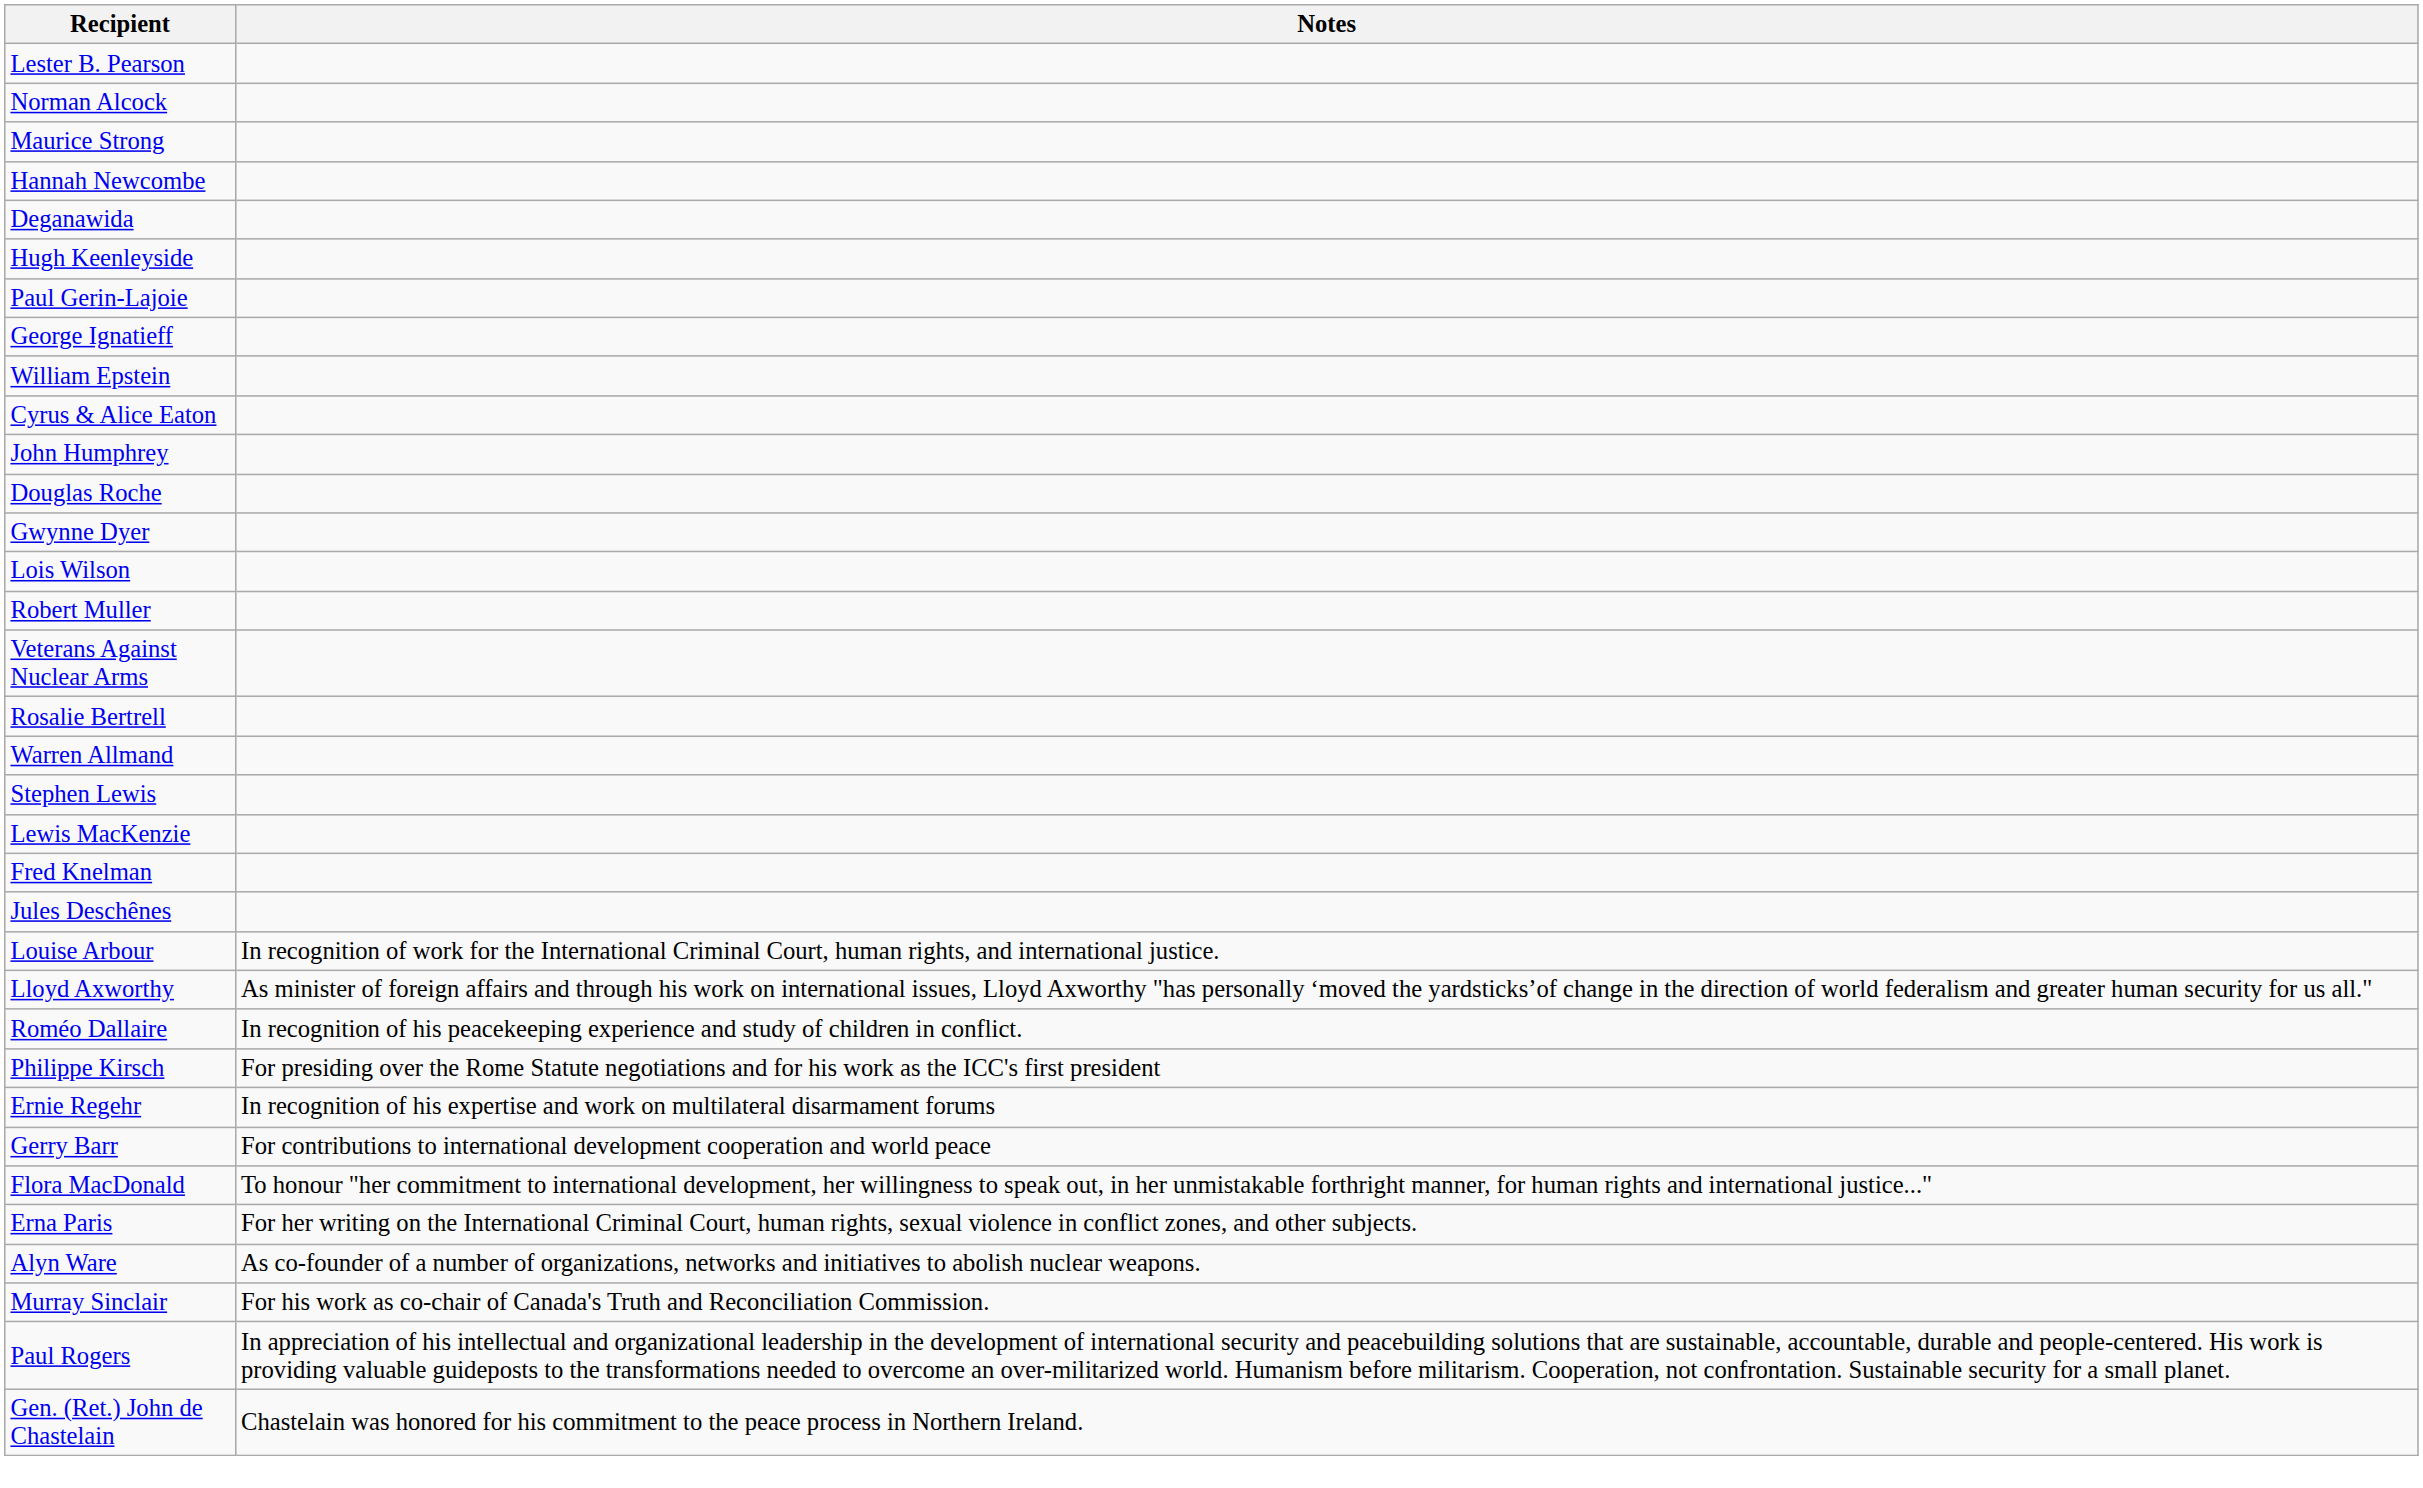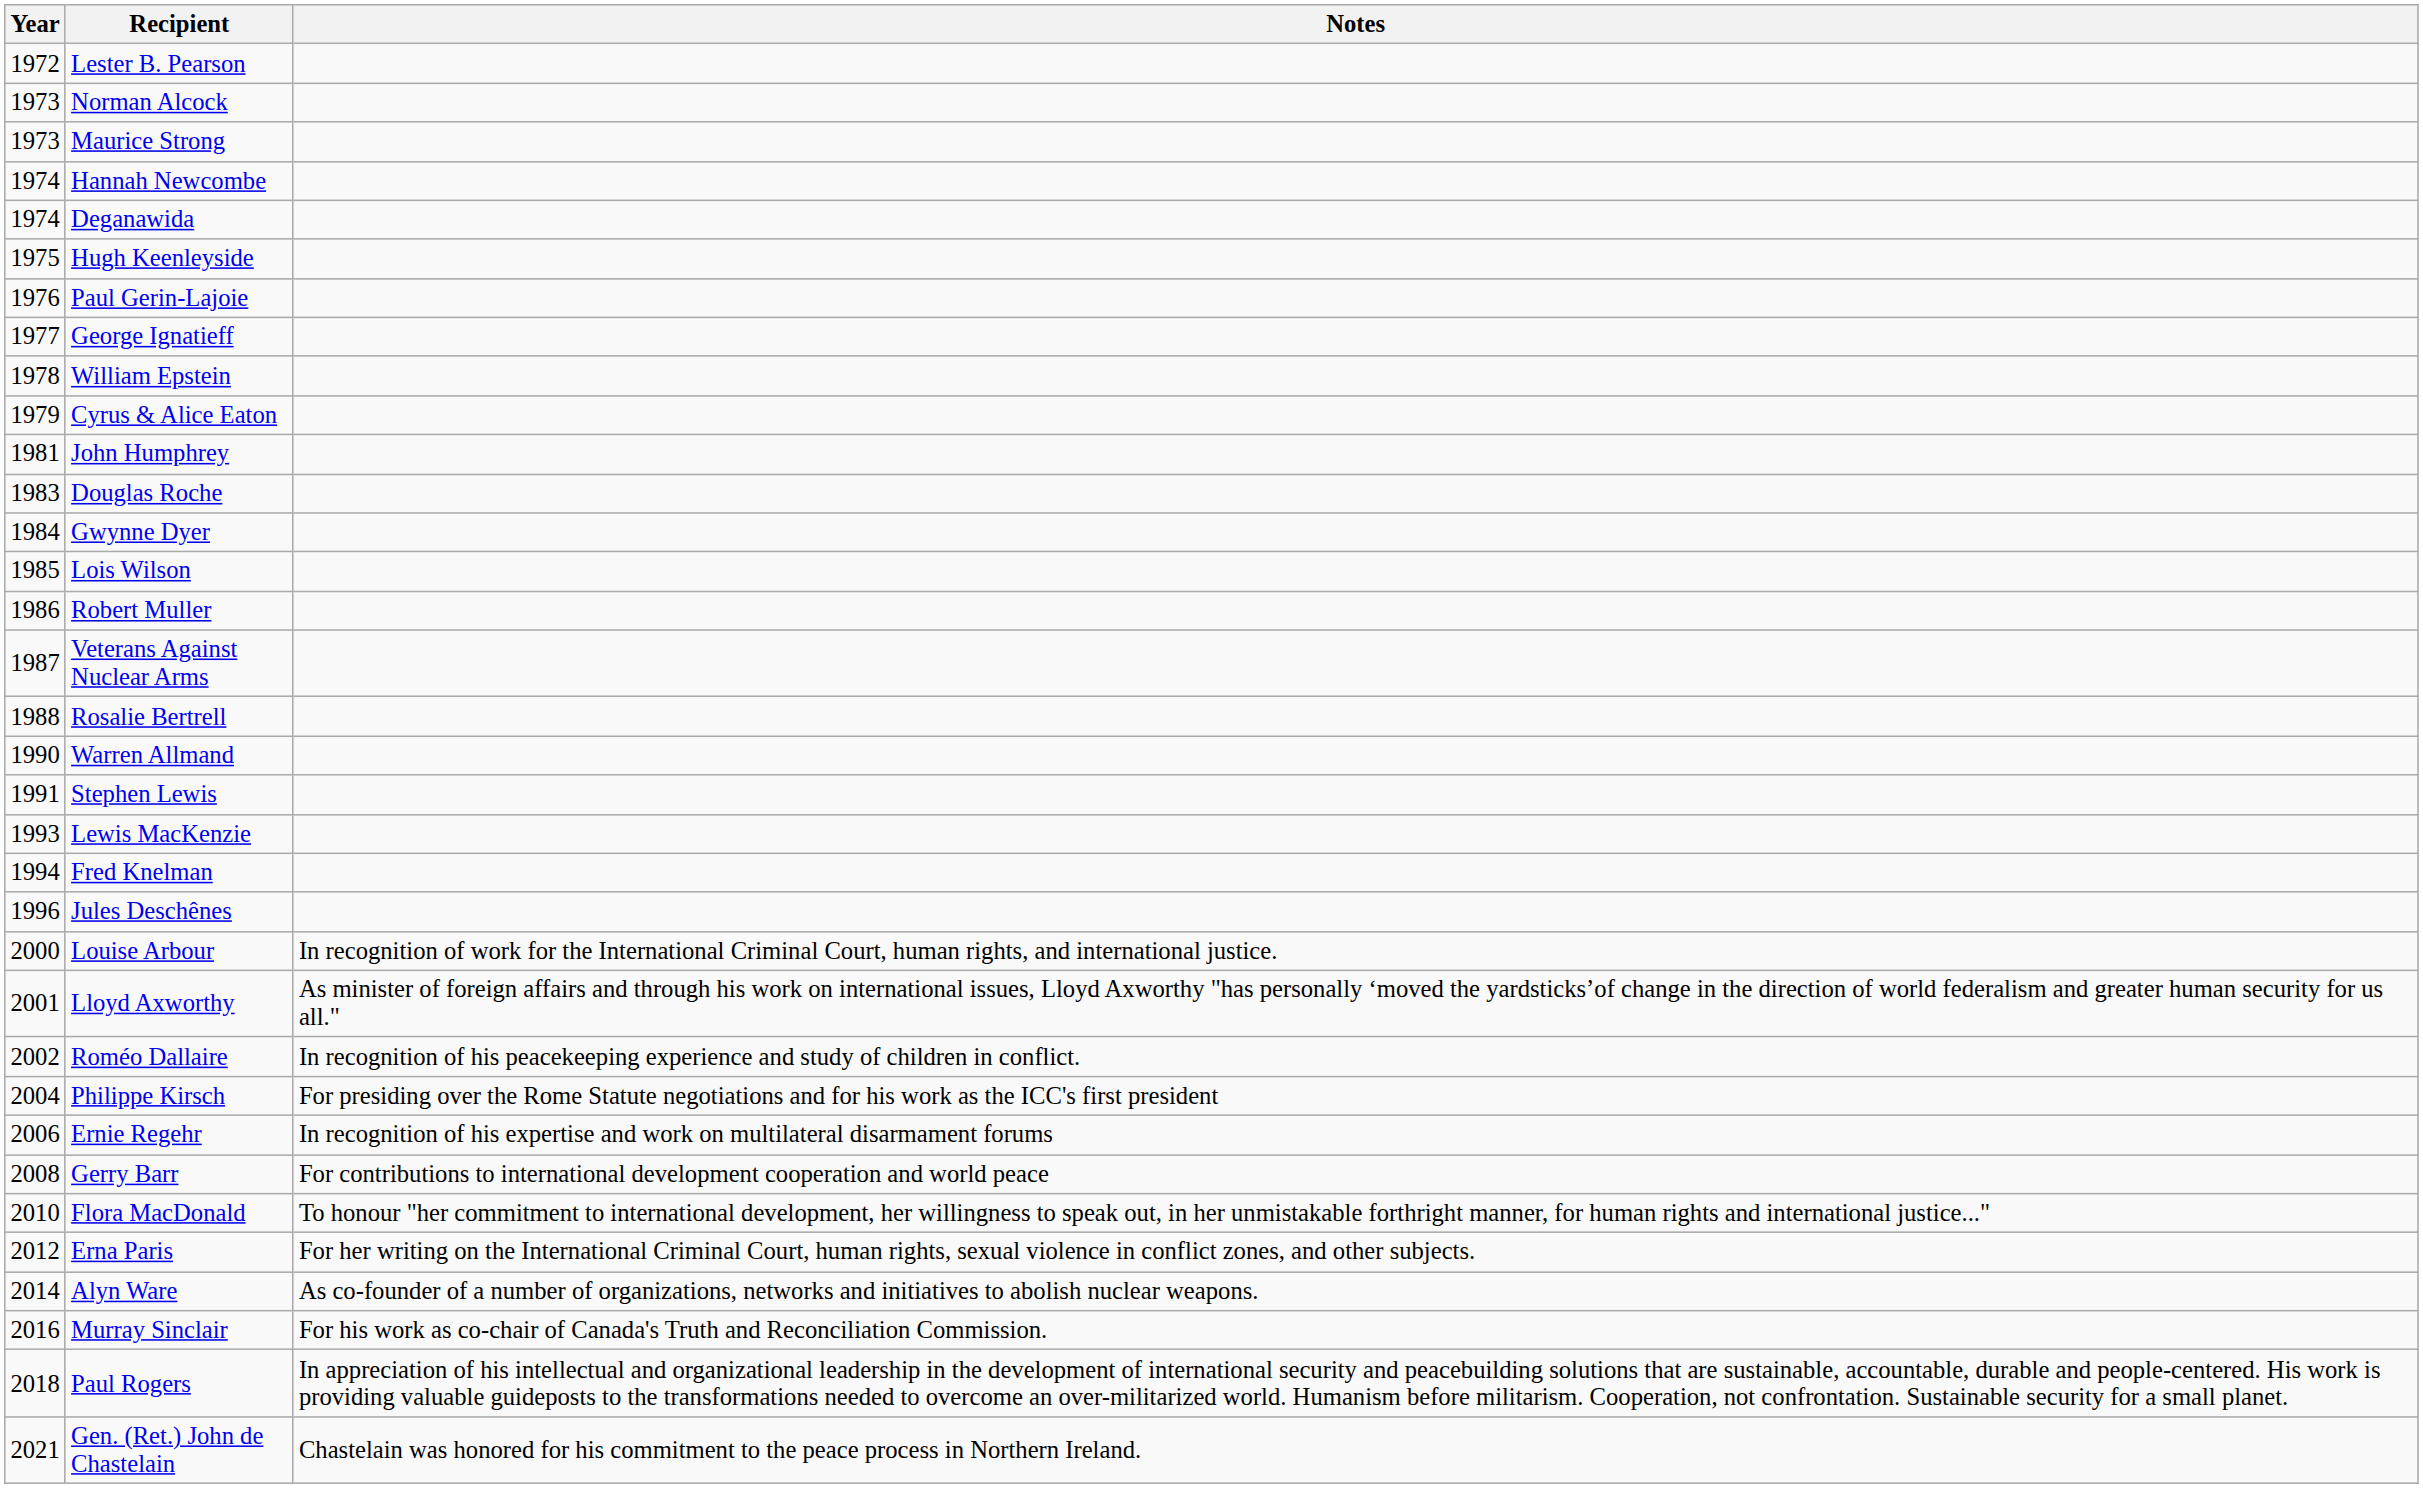 <table class="wikitable">
 <tr>
+<th>Year</th>
 <th>Recipient</th>
 <th>Notes</th>
 </tr>
 <tr>
+<td>1972</td>
 <td><a href='#'>Lester B. Pearson</a></td>
 <td></td>
 </tr>
 <tr>
+<td>1973</td>
 <td><a href='#'>Norman Alcock</a></td>
 <td></td>
 </tr>
 <tr>
+<td>1973</td>
 <td><a href='#'>Maurice Strong</a></td>
 <td></td>
 </tr>
 <tr>
+<td>1974</td>
 <td><a href='#'>Hannah Newcombe</a></td>
 <td></td>
 </tr>
 <tr>
+<td>1974</td>
 <td><a href='#'>Deganawida</a></td>
 <td></td>
 </tr>
 <tr>
+<td>1975</td>
 <td><a href='#'>Hugh Keenleyside</a></td>
 <td></td>
 </tr>
 <tr>
+<td>1976</td>
 <td><a href='#'>Paul Gerin-Lajoie</a></td>
 <td></td>
 </tr>
 <tr>
+<td>1977</td>
 <td><a href='#'>George Ignatieff</a></td>
 <td></td>
 </tr>
 <tr>
+<td>1978</td>
 <td><a href='#'>William Epstein</a></td>
 <td></td>
 </tr>
 <tr>
+<td>1979</td>
 <td><a href='#'>Cyrus & Alice Eaton</a></td>
 <td></td>
 </tr>
 <tr>
+<td>1981</td>
 <td><a href='#'>John Humphrey</a></td>
 <td></td>
 </tr>
 <tr>
+<td>1983</td>
 <td><a href='#'>Douglas Roche</a></td>
 <td></td>
 </tr>
 <tr>
+<td>1984</td>
 <td><a href='#'>Gwynne Dyer</a></td>
 <td></td>
 </tr>
 <tr>
+<td>1985</td>
 <td><a href='#'>Lois Wilson</a></td>
 <td></td>
 </tr>
 <tr>
+<td>1986</td>
 <td><a href='#'>Robert Muller</a></td>
 <td></td>
 </tr>
 <tr>
+<td>1987</td>
 <td><a href='#'>Veterans Against Nuclear Arms</a></td>
 <td></td>
 </tr>
 <tr>
+<td>1988</td>
 <td><a href='#'>Rosalie Bertrell</a></td>
 <td></td>
 </tr>
 <tr>
+<td>1990</td>
 <td><a href='#'>Warren Allmand</a></td>
 <td></td>
 </tr>
 <tr>
+<td>1991</td>
 <td><a href='#'>Stephen Lewis</a></td>
 <td></td>
 </tr>
 <tr>
+<td>1993</td>
 <td><a href='#'>Lewis MacKenzie</a></td>
 <td></td>
 </tr>
 <tr>
+<td>1994</td>
 <td><a href='#'>Fred Knelman</a></td>
 <td></td>
 </tr>
 <tr>
+<td>1996</td>
 <td><a href='#'>Jules Deschênes</a></td>
 <td></td>
 </tr>
 <tr>
+<td>2000</td>
 <td><a href='#'>Louise Arbour</a></td>
 <td>In recognition of work for the International Criminal Court, human rights, and international justice.</td>
 </tr>
 <tr>
+<td>2001</td>
 <td><a href='#'>Lloyd Axworthy</a></td>
 <td>As minister of foreign affairs and through his work on international issues, Lloyd Axworthy "has personally ‘moved the yardsticks’of change in the direction of world federalism and greater human security for us all."</td>
 </tr>
 <tr>
+<td>2002</td>
 <td><a href='#'>Roméo Dallaire</a></td>
 <td>In recognition of his peacekeeping experience and study of children in conflict.</td>
 </tr>
 <tr>
+<td>2004</td>
 <td><a href='#'>Philippe Kirsch</a></td>
 <td>For presiding over the Rome Statute negotiations and for his work as the ICC's first president </td>
 </tr>
 <tr>
+<td>2006</td>
 <td><a href='#'>Ernie Regehr</a></td>
 <td>In recognition of his expertise and work on multilateral disarmament forums</td>
 </tr>
 <tr>
+<td>2008</td>
 <td><a href='#'>Gerry Barr</a></td>
 <td>For contributions to international development cooperation and world peace</td>
 </tr>
 <tr>
+<td>2010</td>
 <td><a href='#'>Flora MacDonald</a></td>
 <td>To honour "her commitment to international development, her willingness to speak out, in her unmistakable forthright manner, for human rights and international justice..."</td>
 </tr>
 <tr>
+<td>2012</td>
 <td><a href='#'>Erna Paris</a></td>
 <td>For her writing on the International Criminal Court, human rights, sexual violence in conflict zones, and other subjects.</td>
 </tr>
 <tr>
+<td>2014</td>
 <td><a href='#'>Alyn Ware</a></td>
 <td>As co-founder of a number of organizations, networks and initiatives to abolish nuclear weapons.</td>
 </tr>
 <tr>
+<td>2016</td>
 <td><a href='#'>Murray Sinclair</a></td>
 <td>For his work as co-chair of Canada's Truth and Reconciliation Commission.</td>
 </tr>
 <tr>
+<td>2018</td>
 <td><a href='#'>Paul Rogers</a></td>
 <td>In appreciation of his intellectual and organizational leadership in the development of international security and peacebuilding solutions that are sustainable, accountable, durable and people-centered. His work is providing valuable guideposts to the transformations needed to overcome an over-militarized world. Humanism before militarism. Cooperation, not confrontation. Sustainable security for a small planet.</td>
 </tr>
 <tr>
+<td>2021</td>
 <td><a href='#'>Gen. (Ret.) John de Chastelain</a></td>
 <td>Chastelain was honored for his commitment to the peace process in Northern Ireland.</td>
 </tr>
 </table>
